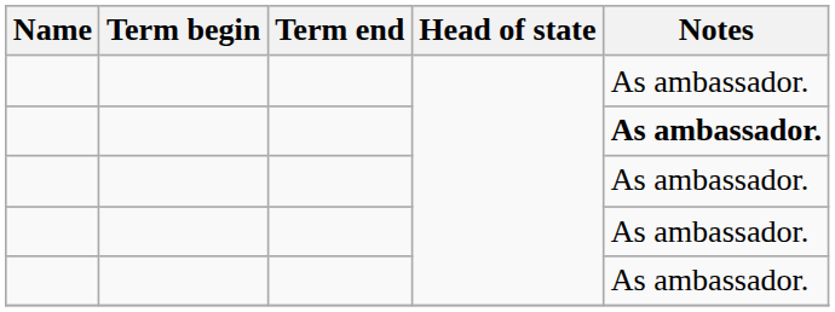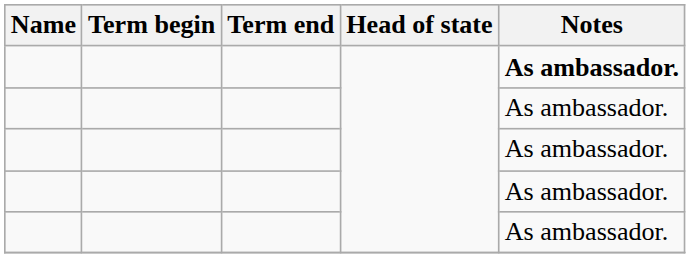 <table class="wikitable sortable"  text-align:center;">
 <tr>
 <th>Name</th>
 <th>Term begin</th>
 <th>Term end</th>
 <th>Head of state</th>
 <th class="unsortable">Notes</th>
 </tr>
 <tr>
 <td></td>
 <td></td>
 <td></td>
 <td rowspan=5></td>
-<td>As ambassador.</td>
+<td><strong>As ambassador.</strong></td>
 </tr>
 <tr>
 <td></td>
 <td></td>
 <td></td>
-<td><strong>As ambassador.</strong></td>
+<td>As ambassador.</td>
 </tr>
 <tr>
 <td></td>
 <td></td>
 <td></td>
 <td>As ambassador.</td>
 </tr>
 <tr>
 <td></td>
 <td></td>
 <td></td>
 <td>As ambassador.</td>
 </tr>
 <tr>
 <td></td>
 <td></td>
 <td></td>
 <td>As ambassador.</td>
 </tr>
 <tr>
 </tr>
 </table>
